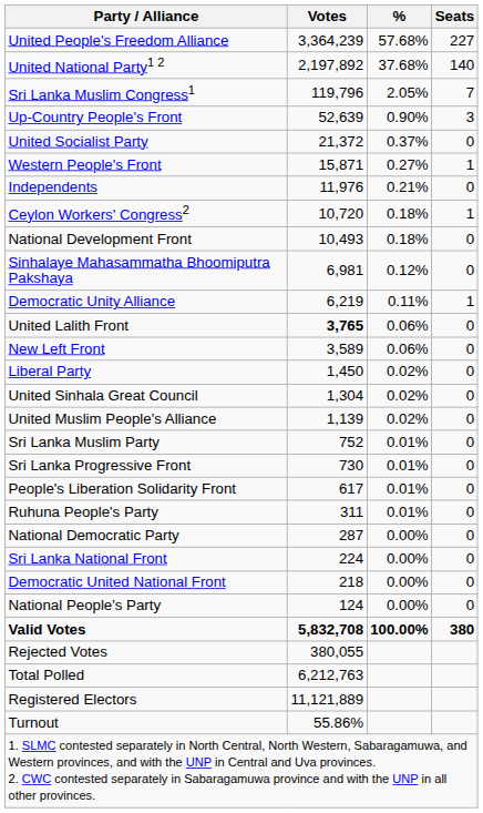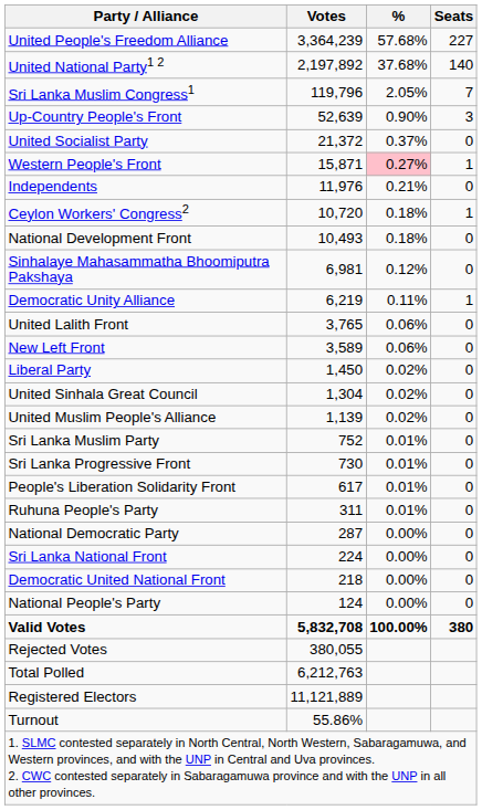 <table class="wikitable" border="1" style="text-align:right;">
 <tr>
 <th width="300">Party / Alliance</th>
 <th width="60">Votes</th>
 <th width="50">%</th>
 <th width="40">Seats</th>
 </tr>
 <tr>
 <td align=left><a href='#'>United People's Freedom Alliance</a></td>
 <td>3,364,239</td>
 <td>57.68%</td>
 <td>227</td>
 </tr>
 <tr>
 <td align=left><a href='#'>United National Party</a><sup>1 2</sup></td>
 <td>2,197,892</td>
 <td>37.68%</td>
 <td>140</td>
 </tr>
 <tr>
 <td align=left><a href='#'>Sri Lanka Muslim Congress</a><sup>1</sup></td>
 <td>119,796</td>
 <td>2.05%</td>
 <td>7</td>
 </tr>
 <tr>
 <td align=left><a href='#'>Up-Country People's Front</a></td>
 <td>52,639</td>
 <td>0.90%</td>
 <td>3</td>
 </tr>
 <tr>
 <td align=left><a href='#'>United Socialist Party</a></td>
 <td>21,372</td>
 <td>0.37%</td>
 <td>0</td>
 </tr>
 <tr>
 <td align=left><a href='#'>Western People's Front</a></td>
 <td>15,871</td>
-<td>0.27%</td>
+<td style="background: pink;">0.27%</td>
 <td>1</td>
 </tr>
 <tr>
 <td align=left><a href='#'>Independents</a></td>
 <td>11,976</td>
 <td>0.21%</td>
 <td>0</td>
 </tr>
 <tr>
 <td align=left><a href='#'>Ceylon Workers' Congress</a><sup>2</sup></td>
 <td>10,720</td>
 <td>0.18%</td>
 <td>1</td>
 </tr>
 <tr>
 <td align=left>National Development Front</td>
 <td>10,493</td>
 <td>0.18%</td>
 <td>0</td>
 </tr>
 <tr>
 <td align=left><a href='#'>Sinhalaye Mahasammatha Bhoomiputra Pakshaya</a></td>
 <td>6,981</td>
 <td>0.12%</td>
 <td>0</td>
 </tr>
 <tr>
 <td align=left><a href='#'>Democratic Unity Alliance</a></td>
 <td>6,219</td>
 <td>0.11%</td>
 <td>1</td>
 </tr>
 <tr>
 <td align=left>United Lalith Front</td>
-<td><strong>3,765</strong></td>
+<td>3,765</td>
 <td>0.06%</td>
 <td>0</td>
 </tr>
 <tr>
 <td align=left><a href='#'>New Left Front</a></td>
 <td>3,589</td>
 <td>0.06%</td>
 <td>0</td>
 </tr>
 <tr>
 <td align=left><a href='#'>Liberal Party</a></td>
 <td>1,450</td>
 <td>0.02%</td>
 <td>0</td>
 </tr>
 <tr>
 <td align=left>United Sinhala Great Council</td>
 <td>1,304</td>
 <td>0.02%</td>
 <td>0</td>
 </tr>
 <tr>
 <td align=left>United Muslim People's Alliance</td>
 <td>1,139</td>
 <td>0.02%</td>
 <td>0</td>
 </tr>
 <tr>
 <td align=left>Sri Lanka Muslim Party</td>
 <td>752</td>
 <td>0.01%</td>
 <td>0</td>
 </tr>
 <tr>
 <td align=left>Sri Lanka Progressive Front</td>
 <td>730</td>
 <td>0.01%</td>
 <td>0</td>
 </tr>
 <tr>
 <td align=left>People's Liberation Solidarity Front</td>
 <td>617</td>
 <td>0.01%</td>
 <td>0</td>
 </tr>
 <tr>
 <td align=left>Ruhuna People's Party</td>
 <td>311</td>
 <td>0.01%</td>
 <td>0</td>
 </tr>
 <tr>
 <td align=left>National Democratic Party</td>
 <td>287</td>
 <td>0.00%</td>
 <td>0</td>
 </tr>
 <tr>
 <td align=left><a href='#'>Sri Lanka National Front</a></td>
 <td>224</td>
 <td>0.00%</td>
 <td>0</td>
 </tr>
 <tr>
 <td align=left><a href='#'>Democratic United National Front</a></td>
 <td>218</td>
 <td>0.00%</td>
 <td>0</td>
 </tr>
 <tr>
 <td align=left>National People's Party</td>
 <td>124</td>
 <td>0.00%</td>
 <td>0</td>
 </tr>
 <tr>
 <td align=left><strong>Valid Votes</strong></td>
 <td><strong>5,832,708</strong></td>
 <td><strong>100.00%</strong></td>
 <td><strong>380</strong></td>
 </tr>
 <tr>
 <td align=left>Rejected Votes</td>
 <td>380,055</td>
 <td></td>
 <td></td>
 </tr>
 <tr>
 <td align=left>Total Polled</td>
 <td>6,212,763</td>
 <td></td>
 <td></td>
 </tr>
 <tr>
 <td align=left>Registered Electors</td>
 <td>11,121,889</td>
 <td></td>
 <td></td>
 </tr>
 <tr>
 <td align=left>Turnout</td>
 <td>55.86%</td>
 <td></td>
 <td></td>
 </tr>
 <tr>
 <td align=left colspan=4><small>1. <a href='#'>SLMC</a> contested separately in North Central, North Western, Sabaragamuwa, and Western provinces, and with the <a href='#'>UNP</a> in Central and Uva provinces.<br>2. <a href='#'>CWC</a> contested separately in Sabaragamuwa province and with the <a href='#'>UNP</a> in all other provinces.</small></td>
 </tr>
 </table>
